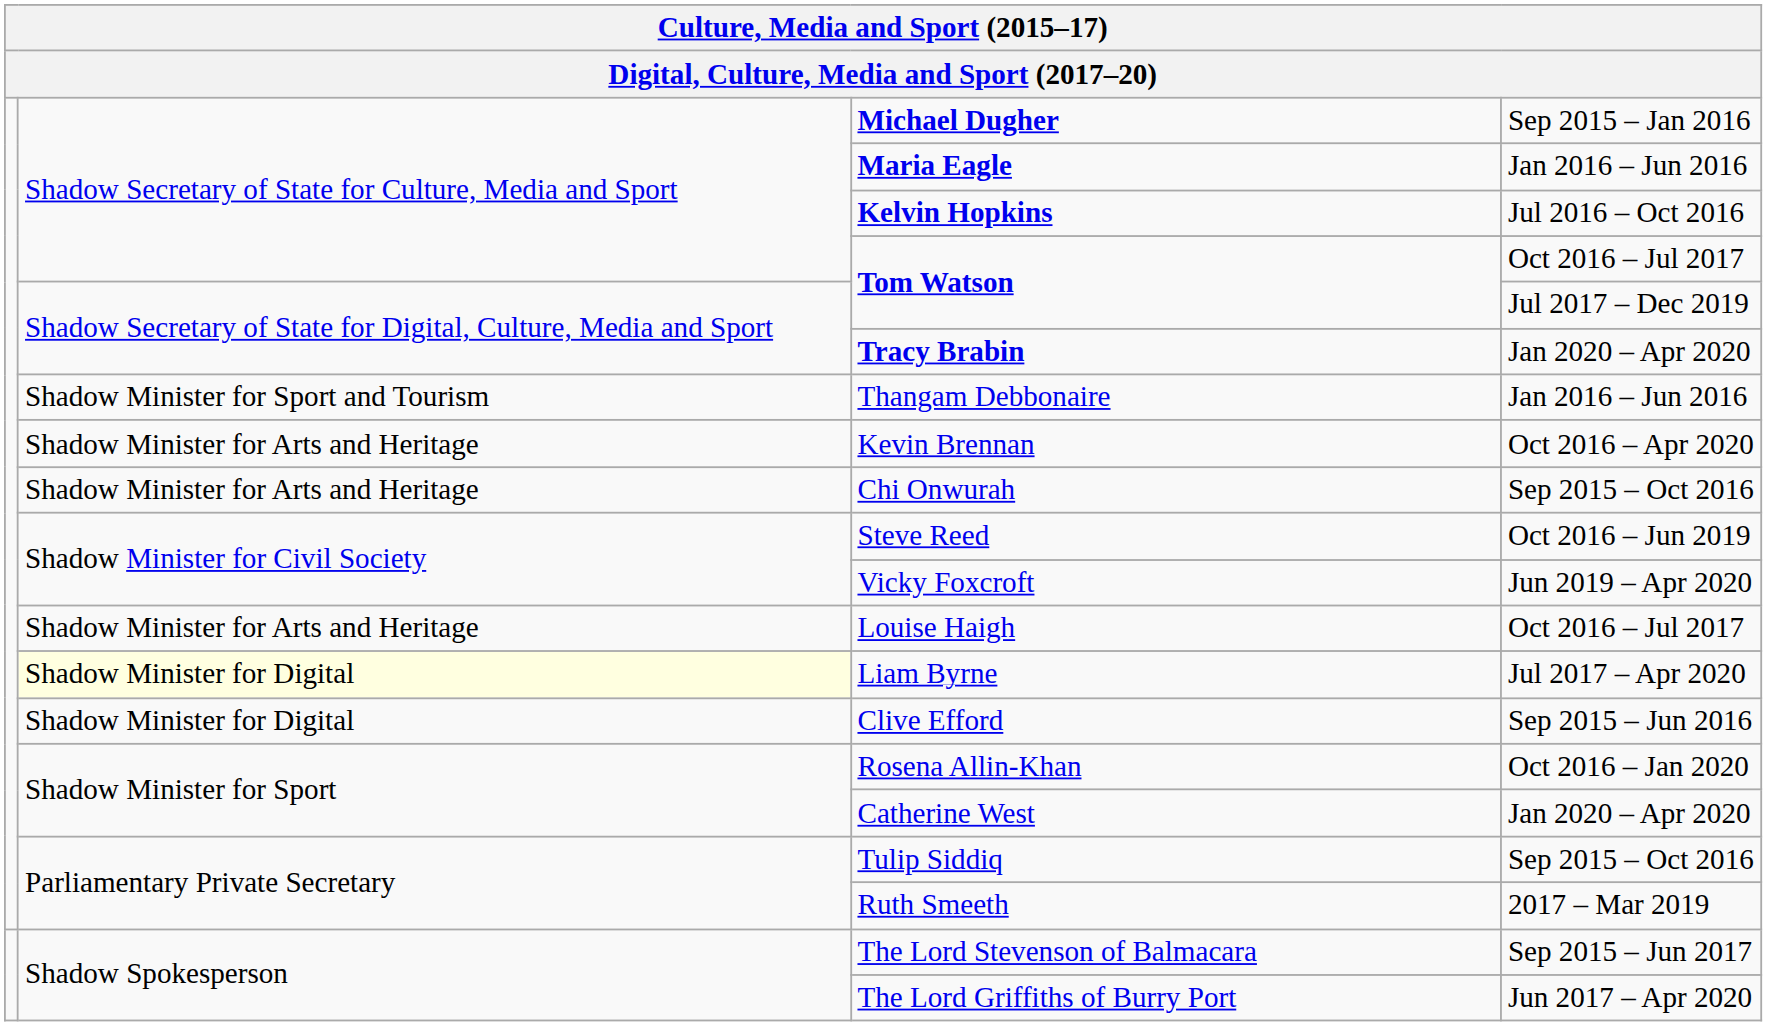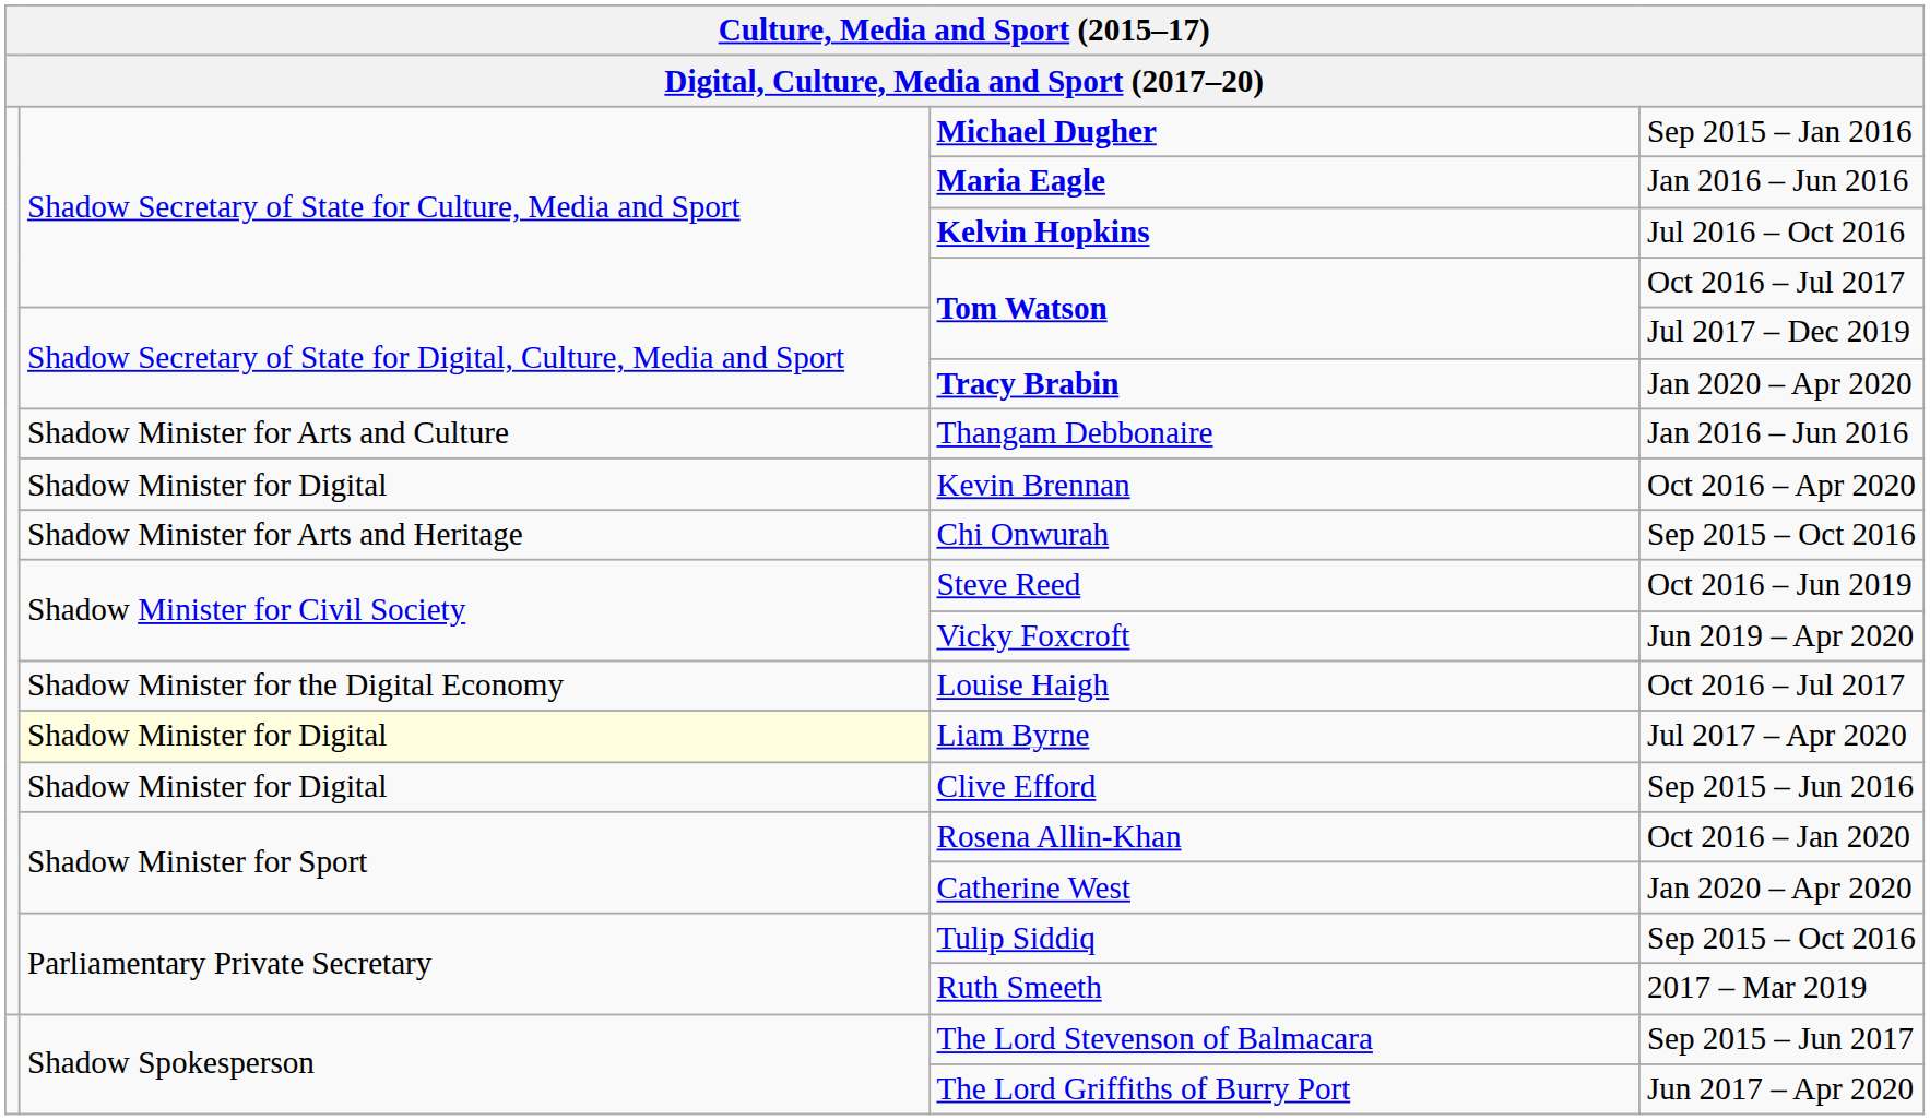 <table class="wikitable">
 <tr>
 <th colspan="4"><a href='#'>Culture, Media and Sport</a> (2015–17)</th>
 </tr>
 <tr>
 <th colspan="4"><a href='#'>Digital, Culture, Media and Sport</a> (2017–20)</th>
 </tr>
 <tr>
 <td rowspan="18" style="background: "></td>
 <td rowspan="4" style="width: 450px;"><a href='#'>Shadow Secretary of State for Culture, Media and Sport</a></td>
 <td style="width: 350px;"><strong><a href='#'>Michael Dugher</a></strong></td>
 <td>Sep 2015 – Jan 2016</td>
 </tr>
 <tr>
 <td><strong><a href='#'>Maria Eagle</a></strong></td>
 <td>Jan 2016 – Jun 2016</td>
 </tr>
 <tr>
 <td><strong><a href='#'>Kelvin Hopkins</a></strong></td>
 <td>Jul 2016 – Oct 2016</td>
 </tr>
 <tr>
 <td rowspan="2"><a href='#'><strong>Tom Watson</strong></a></td>
 <td>Oct 2016 – Jul 2017</td>
 </tr>
 <tr>
 <td rowspan="2"><a href='#'>Shadow Secretary of State for Digital, Culture, Media and Sport</a></td>
 <td>Jul 2017 – Dec 2019</td>
 </tr>
 <tr>
 <td><strong><a href='#'>Tracy Brabin</a></strong></td>
 <td>Jan 2020 – Apr 2020</td>
 </tr>
 <tr>
-<td>Shadow Minister for Sport and Tourism</td>
+<td>Shadow Minister for Arts and Culture</td>
 <td><a href='#'>Thangam Debbonaire</a></td>
 <td>Jan 2016 – Jun 2016</td>
 </tr>
 <tr>
-<td>Shadow Minister for Arts and Heritage</td>
+<td>Shadow Minister for Digital</td>
 <td><a href='#'>Kevin Brennan</a></td>
 <td>Oct 2016 – Apr 2020</td>
 </tr>
 <tr>
 <td>Shadow Minister for Arts and Heritage</td>
 <td><a href='#'>Chi Onwurah</a></td>
 <td>Sep 2015 – Oct 2016</td>
 </tr>
 <tr>
 <td rowspan="2">Shadow <a href='#'>Minister for Civil Society</a></td>
 <td colspan="1"><a href='#'>Steve Reed</a></td>
 <td>Oct 2016 – Jun 2019</td>
 </tr>
 <tr>
 <td><a href='#'>Vicky Foxcroft</a></td>
 <td>Jun 2019 – Apr 2020</td>
 </tr>
 <tr>
-<td>Shadow Minister for Arts and Heritage</td>
+<td>Shadow Minister for the Digital Economy</td>
 <td><a href='#'>Louise Haigh</a></td>
 <td>Oct 2016 – Jul 2017</td>
 </tr>
 <tr>
 <td style="background: lightyellow;">Shadow Minister for Digital</td>
 <td><a href='#'>Liam Byrne</a></td>
 <td>Jul 2017 – Apr 2020</td>
 </tr>
 <tr>
 <td>Shadow Minister for Digital</td>
 <td><a href='#'>Clive Efford</a></td>
 <td>Sep 2015 – Jun 2016</td>
 </tr>
 <tr>
 <td rowspan="2">Shadow Minister for Sport</td>
 <td><a href='#'>Rosena Allin-Khan</a></td>
 <td>Oct 2016 – Jan 2020</td>
 </tr>
 <tr>
 <td><a href='#'>Catherine West</a></td>
 <td>Jan 2020 – Apr 2020</td>
 </tr>
 <tr>
 <td rowspan="2">Parliamentary Private Secretary</td>
 <td><a href='#'>Tulip Siddiq</a></td>
 <td>Sep 2015 – Oct 2016</td>
 </tr>
 <tr>
 <td><a href='#'>Ruth Smeeth</a></td>
 <td>2017 – Mar 2019</td>
 </tr>
 <tr>
 <td rowspan="2" style="background: "></td>
 <td rowspan="2">Shadow Spokesperson</td>
 <td><a href='#'>The Lord Stevenson of Balmacara</a></td>
 <td>Sep 2015 – Jun 2017</td>
 </tr>
 <tr>
 <td><a href='#'>The Lord Griffiths of Burry Port</a></td>
 <td>Jun 2017 – Apr 2020</td>
 </tr>
 </table>
